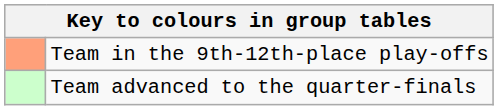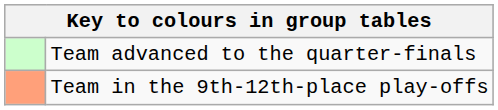 <table class="wikitable" style="text-align:center">
 <tr>
 <th colspan=2>Key to colours in group tables</th>
 </tr>
 <tr>
+<td style="background:#cfc; width:20px"></td>
+<td align=left>Team advanced to the quarter-finals</td>
+</tr>
+<tr>
 <td style="background:#FFA07A; width:20px"></td>
 <td align=left>Team in the 9th-12th-place play-offs</td>
 </tr>
-<tr>
-<td style="background:#cfc; width:20px"></td>
-<td align=left>Team advanced to the quarter-finals</td>
-</tr>
 </table>
